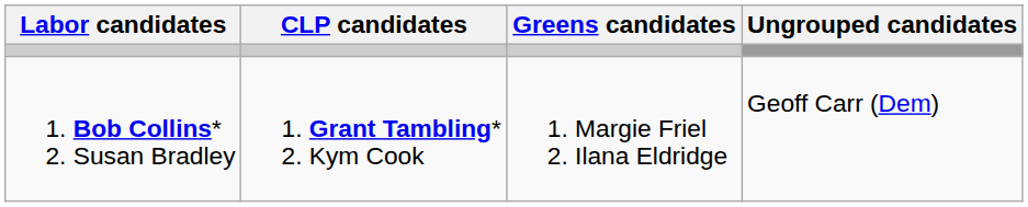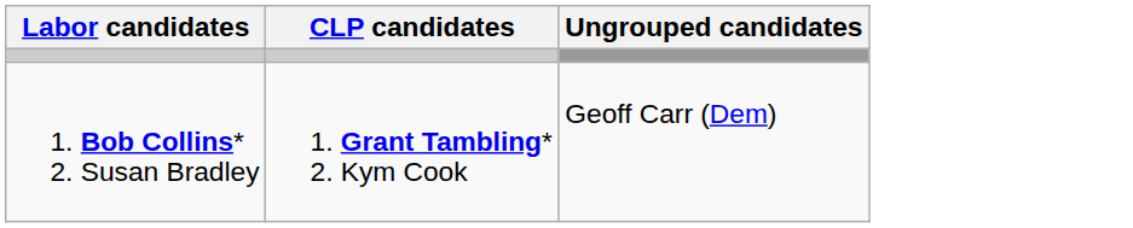 <table class="wikitable">
 <tr>
 <th><a href='#'>Labor</a> candidates</th>
 <th><a href='#'>CLP</a> candidates</th>
-<th><a href='#'>Greens</a> candidates</th>
 <th>Ungrouped candidates</th>
 </tr>
 <tr bgcolor="#cccccc">
-<td></td>
 <td></td>
 <td></td>
 <td bgcolor="#999999"></td>
 </tr>
 <tr>
 <td><br><ol><li><strong><a href='#'>Bob Collins</a></strong>*</li><li>Susan Bradley</li></ol></td>
 <td><br><ol><li><strong><a href='#'>Grant Tambling</a></strong>*</li><li>Kym Cook</li></ol></td>
-<td valign=top><br><ol><li>Margie Friel</li><li>Ilana Eldridge</li></ol></td>
 <td valign=top><br>Geoff Carr (<a href='#'>Dem</a>)</td>
 </tr>
 </table>
